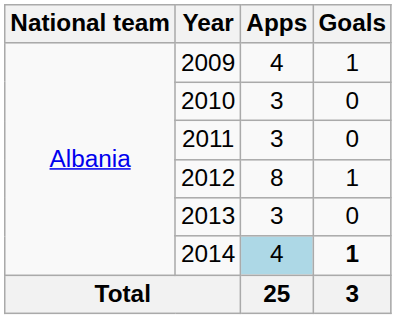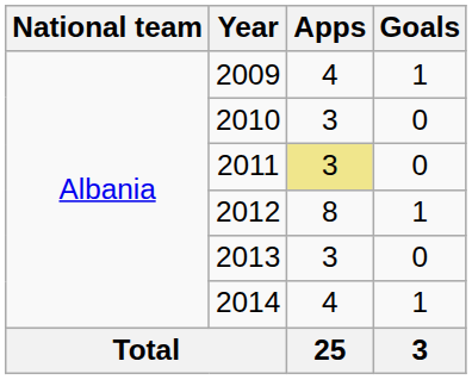 <table class=wikitable style="text-align: center;">
 <tr>
 <th>National team</th>
 <th>Year</th>
 <th>Apps</th>
 <th>Goals</th>
 </tr>
 <tr>
 <td rowspan=6><a href='#'>Albania</a></td>
 <td>2009</td>
 <td>4</td>
 <td>1</td>
 </tr>
 <tr>
 <td>2010</td>
 <td>3</td>
 <td>0</td>
 </tr>
 <tr>
 <td>2011</td>
-<td>3</td>
+<td style="background: khaki;">3</td>
 <td>0</td>
 </tr>
 <tr>
 <td>2012</td>
 <td>8</td>
 <td>1</td>
 </tr>
 <tr>
 <td>2013</td>
 <td>3</td>
 <td>0</td>
 </tr>
 <tr>
 <td>2014</td>
-<td style="background: lightblue;">4</td>
-<td><strong>1</strong></td>
+<td>4</td>
+<td>1</td>
 </tr>
 <tr>
 <th colspan=2>Total</th>
 <th>25</th>
 <th>3</th>
 </tr>
 </table>
